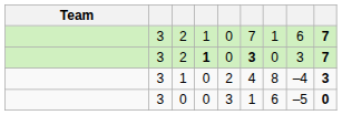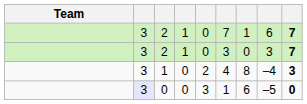 <table class="wikitable" style="text-align: center;">
 <tr>
 <th width=165>Team</th>
 <th width=20></th>
 <th width=20></th>
 <th width=20></th>
 <th width=20></th>
 <th width=20></th>
 <th width=20></th>
 <th width=26></th>
 <th width=20></th>
 </tr>
 <tr bgcolor="#D0F0C0">
 <td style="text-align:left;"></td>
 <td>3</td>
 <td>2</td>
 <td>1</td>
 <td>0</td>
 <td>7</td>
 <td>1</td>
 <td>6</td>
 <td><strong>7</strong></td>
 </tr>
 <tr bgcolor="#D0F0C0">
 <td style="text-align:left;"></td>
 <td>3</td>
 <td>2</td>
-<td><strong>1</strong></td>
+<td>1</td>
 <td>0</td>
-<td><strong>3</strong></td>
+<td>3</td>
 <td>0</td>
 <td>3</td>
 <td><strong>7</strong></td>
 </tr>
 <tr>
 <td style="text-align:left;"></td>
 <td>3</td>
 <td>1</td>
 <td>0</td>
 <td>2</td>
 <td>4</td>
 <td>8</td>
 <td>–4</td>
 <td><strong>3</strong></td>
 </tr>
 <tr>
 <td style="text-align:left;"></td>
-<td>3</td>
+<td style="background: lavender;">3</td>
 <td>0</td>
 <td>0</td>
 <td>3</td>
 <td>1</td>
 <td>6</td>
 <td>–5</td>
 <td><strong>0</strong></td>
 </tr>
 </table>
